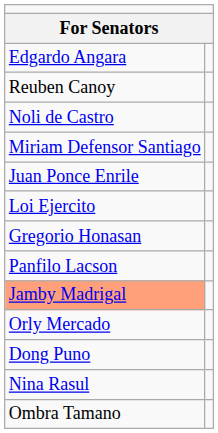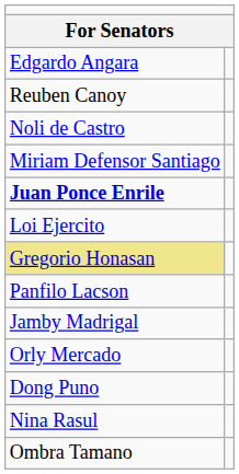 <table class=wikitable style="font-size:90%">
 <tr>
 <td colspan=4 bgcolor=></td>
 </tr>
 <tr>
 <th colspan=5>For Senators</th>
 </tr>
 <tr>
 <td><a href='#'>Edgardo Angara</a></td>
 <td></td>
 </tr>
 <tr>
 <td>Reuben Canoy</td>
 <td></td>
 </tr>
 <tr>
 <td><a href='#'>Noli de Castro</a></td>
 <td></td>
 </tr>
 <tr>
 <td><a href='#'>Miriam Defensor Santiago</a></td>
 <td></td>
 </tr>
 <tr>
-<td><a href='#'>Juan Ponce Enrile</a></td>
+<td><strong><a href='#'>Juan Ponce Enrile</a></strong></td>
 <td></td>
 </tr>
 <tr>
 <td><a href='#'>Loi Ejercito</a></td>
 <td></td>
 </tr>
 <tr>
-<td><a href='#'>Gregorio Honasan</a></td>
+<td style="background: khaki;"><a href='#'>Gregorio Honasan</a></td>
 <td></td>
 </tr>
 <tr>
 <td><a href='#'>Panfilo Lacson</a></td>
 <td></td>
 </tr>
 <tr>
-<td style="background: lightsalmon;"><a href='#'>Jamby Madrigal</a></td>
+<td><a href='#'>Jamby Madrigal</a></td>
 <td></td>
 </tr>
 <tr>
 <td><a href='#'>Orly Mercado</a></td>
 <td></td>
 </tr>
 <tr>
 <td><a href='#'>Dong Puno</a></td>
 <td></td>
 </tr>
 <tr>
 <td><a href='#'>Nina Rasul</a></td>
 <td></td>
 </tr>
 <tr>
 <td>Ombra Tamano</td>
 <td></td>
 </tr>
 </table>
